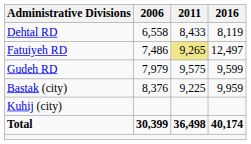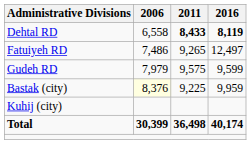 <table class="wikitable">
 <tr>
 <th>Administrative Divisions</th>
 <th>2006</th>
 <th>2011</th>
 <th>2016</th>
 </tr>
 <tr>
 <td><a href='#'>Dehtal RD</a></td>
 <td style="text-align: right;">6,558</td>
-<td style="text-align: right;">8,433</td>
-<td style="text-align: right;">8,119</td>
+<td style="text-align: right;"><strong>8,433</strong></td>
+<td style="text-align: right;"><strong>8,119</strong></td>
 </tr>
 <tr>
 <td><a href='#'>Fatuiyeh RD</a></td>
 <td style="text-align: right;">7,486</td>
-<td style="background: khaki; text-align: right;">9,265</td>
+<td style="text-align: right;">9,265</td>
 <td style="text-align: right;">12,497</td>
 </tr>
 <tr>
 <td><a href='#'>Gudeh RD</a></td>
 <td style="text-align: right;">7,979</td>
 <td style="text-align: right;">9,575</td>
 <td style="text-align: right;">9,599</td>
 </tr>
 <tr>
 <td><a href='#'>Bastak</a> (city)</td>
-<td style="text-align: right;">8,376</td>
+<td style="background: lightyellow; text-align: right;">8,376</td>
 <td style="text-align: right;">9,225</td>
 <td style="text-align: right;">9,959</td>
 </tr>
 <tr>
 <td><a href='#'>Kuhij</a> (city)</td>
 <td style="text-align: right;"></td>
 <td style="text-align: right;"></td>
 <td style="text-align: right;"></td>
 </tr>
 <tr>
 <td><strong>Total</strong></td>
 <td style="text-align: right;"><strong>30,399</strong></td>
 <td style="text-align: right;"><strong>36,498</strong></td>
 <td style="text-align: right;"><strong>40,174</strong></td>
 </tr>
 <tr>
 <td colspan=4></td>
 </tr>
 </table>
